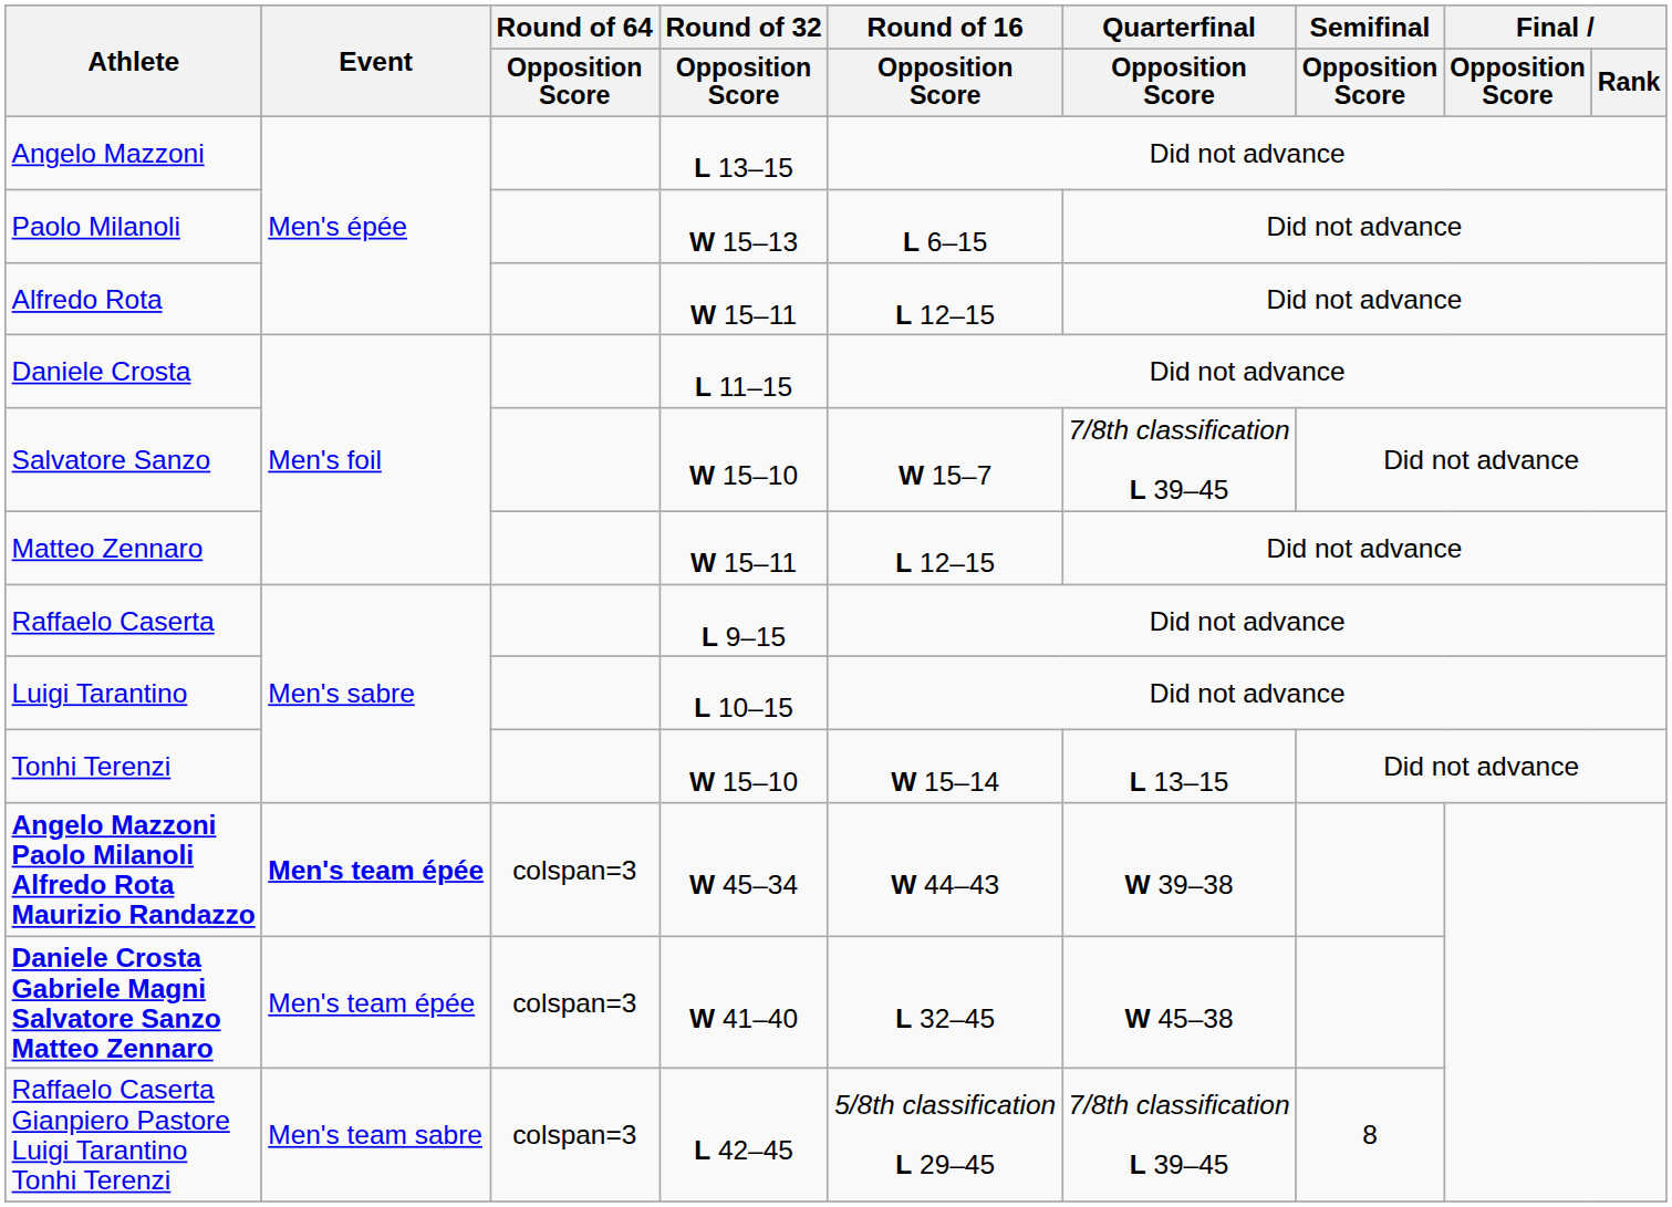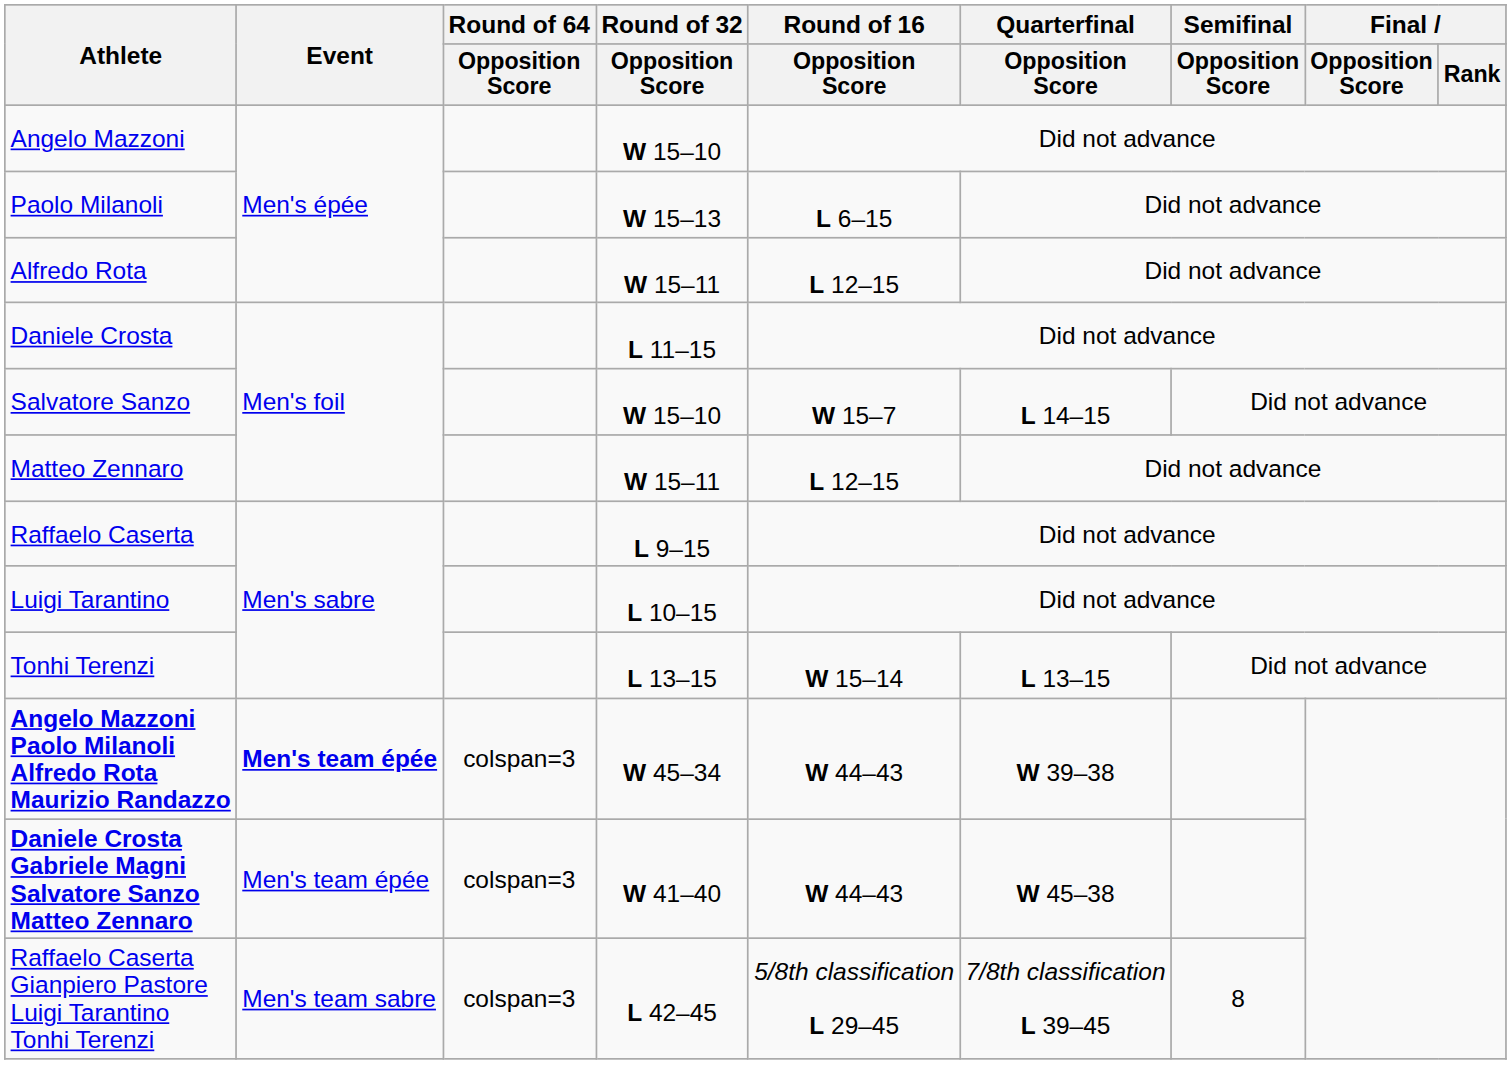 <table class="wikitable" style="font-size:90%">
 <tr>
 <th rowspan="2">Athlete</th>
 <th rowspan="2">Event</th>
 <th>Round of 64</th>
 <th>Round of 32</th>
 <th>Round of 16</th>
 <th>Quarterfinal</th>
 <th>Semifinal</th>
 <th colspan=2>Final / </th>
 </tr>
 <tr style="font-size:95%">
 <th>Opposition <br> Score</th>
 <th>Opposition <br> Score</th>
 <th>Opposition <br> Score</th>
 <th>Opposition <br> Score</th>
 <th>Opposition <br> Score</th>
 <th>Opposition <br> Score</th>
 <th>Rank</th>
 </tr>
 <tr align=center>
 <td align=left><a href='#'>Angelo Mazzoni</a></td>
 <td rowspan=3 align=left><a href='#'>Men's épée</a></td>
 <td></td>
-<td><br><strong>L</strong> 13–15</td>
+<td><br><strong>W</strong> 15–10</td>
 <td colspan=5>Did not advance</td>
 </tr>
 <tr align=center>
 <td align=left><a href='#'>Paolo Milanoli</a></td>
 <td></td>
 <td><br><strong>W</strong> 15–13</td>
 <td><br><strong>L</strong> 6–15</td>
 <td colspan=4>Did not advance</td>
 </tr>
 <tr align=center>
 <td align=left><a href='#'>Alfredo Rota</a></td>
 <td></td>
 <td><br><strong>W</strong> 15–11</td>
 <td><br><strong>L</strong> 12–15</td>
 <td colspan=4>Did not advance</td>
 </tr>
 <tr align=center>
 <td align=left><a href='#'>Daniele Crosta</a></td>
 <td rowspan=3 align=left><a href='#'>Men's foil</a></td>
 <td></td>
 <td><br><strong>L</strong> 11–15</td>
 <td colspan=5>Did not advance</td>
 </tr>
 <tr align=center>
 <td align=left><a href='#'>Salvatore Sanzo</a></td>
 <td></td>
 <td><br><strong>W</strong> 15–10</td>
 <td><br><strong>W</strong> 15–7</td>
-<td><em>7/8th classification</em><br><br><strong>L</strong> 39–45</td>
+<td><br><strong>L</strong> 14–15</td>
 <td colspan=3>Did not advance</td>
 </tr>
 <tr align=center>
 <td align=left><a href='#'>Matteo Zennaro</a></td>
 <td></td>
 <td><br><strong>W</strong> 15–11</td>
 <td><br><strong>L</strong> 12–15</td>
 <td colspan=4>Did not advance</td>
 </tr>
 <tr align=center>
 <td align=left><a href='#'>Raffaelo Caserta</a></td>
 <td rowspan=3 align=left><a href='#'>Men's sabre</a></td>
 <td></td>
 <td><br><strong>L</strong> 9–15</td>
 <td colspan=5>Did not advance</td>
 </tr>
 <tr align=center>
 <td align=left><a href='#'>Luigi Tarantino</a></td>
 <td></td>
 <td><br><strong>L</strong> 10–15</td>
 <td colspan=5>Did not advance</td>
 </tr>
 <tr align=center>
 <td align=left><a href='#'>Tonhi Terenzi</a></td>
 <td></td>
-<td><br><strong>W</strong> 15–10</td>
+<td><br><strong>L</strong> 13–15</td>
 <td><br><strong>W</strong> 15–14</td>
 <td><br><strong>L</strong> 13–15</td>
 <td colspan=3>Did not advance</td>
 </tr>
 <tr align=center>
 <td align=left><strong><a href='#'>Angelo Mazzoni</a></strong><br><strong><a href='#'>Paolo Milanoli</a></strong><br><strong><a href='#'>Alfredo Rota</a></strong><br><strong><a href='#'>Maurizio Randazzo</a></strong></td>
 <td align=left><strong><a href='#'>Men's team épée</a></strong></td>
 <td>colspan=3 </td>
 <td><br><strong>W</strong> 45–34</td>
 <td><br><strong>W</strong> 44–43</td>
 <td><br><strong>W</strong> 39–38</td>
 <td></td>
 </tr>
 <tr align=center>
 <td align=left><strong><a href='#'>Daniele Crosta</a></strong><br><strong><a href='#'>Gabriele Magni</a></strong><br><strong><a href='#'>Salvatore Sanzo</a></strong><br><strong><a href='#'>Matteo Zennaro</a></strong></td>
 <td align=left><a href='#'>Men's team épée</a></td>
 <td>colspan=3 </td>
 <td><br><strong>W</strong> 41–40</td>
-<td><br><strong>L</strong> 32–45</td>
+<td><br><strong>W</strong> 44–43</td>
 <td><br><strong>W</strong> 45–38</td>
 <td></td>
 </tr>
 <tr align=center>
 <td align=left><a href='#'>Raffaelo Caserta</a><br><a href='#'>Gianpiero Pastore</a><br><a href='#'>Luigi Tarantino</a><br><a href='#'>Tonhi Terenzi</a></td>
 <td align=left><a href='#'>Men's team sabre</a></td>
 <td>colspan=3 </td>
 <td><br><strong>L</strong> 42–45</td>
 <td><em>5/8th classification</em><br><br><strong>L</strong> 29–45</td>
 <td><em>7/8th classification</em><br><br><strong>L</strong> 39–45</td>
 <td>8</td>
 </tr>
 </table>
